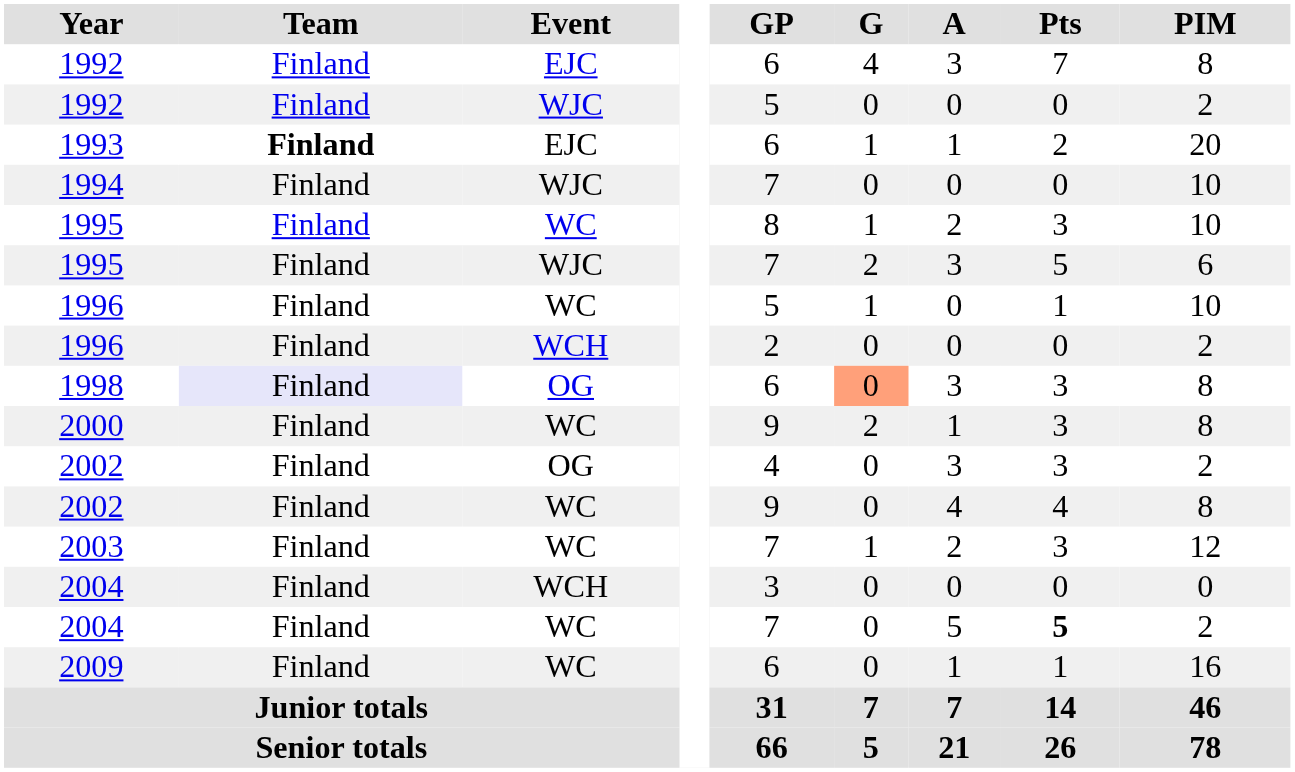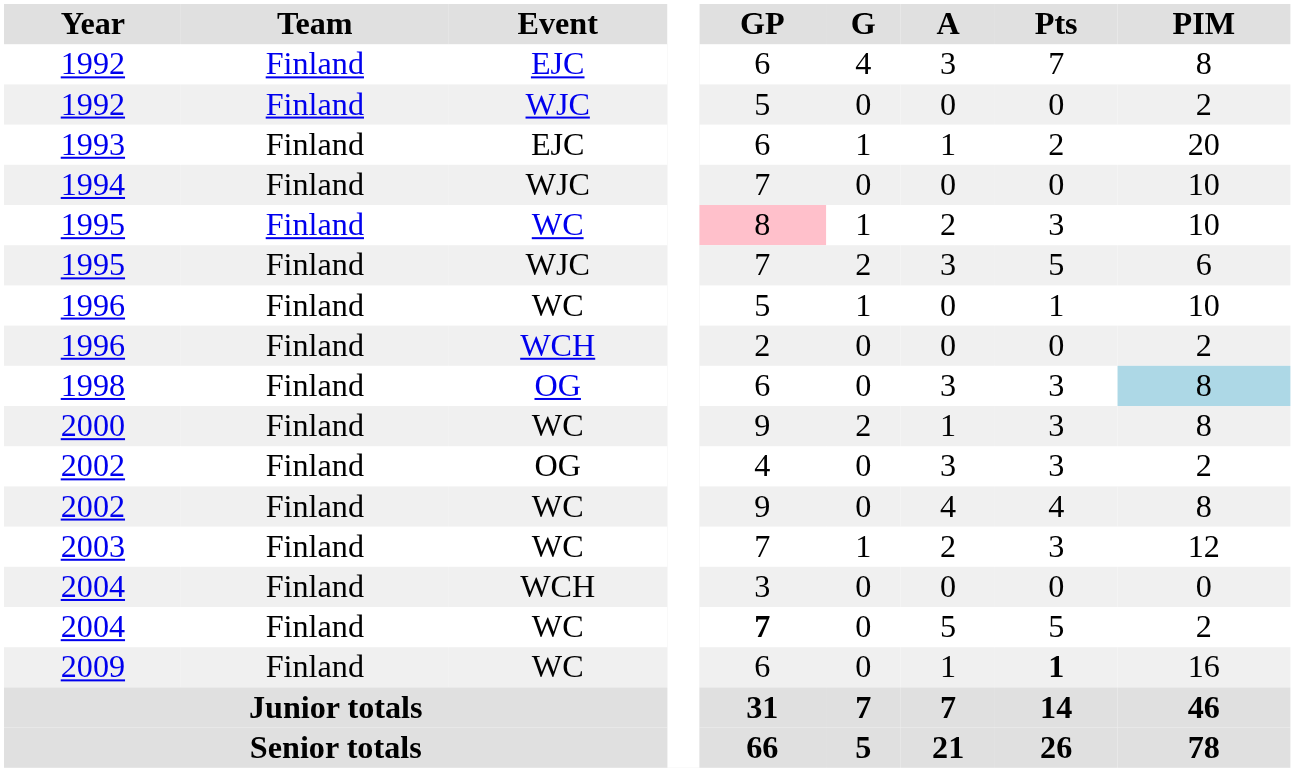 <table border="0" cellpadding="1" cellspacing="0" style="text-align:center; width:40em">
 <tr ALIGN="center" bgcolor="#e0e0e0">
 <th>Year</th>
 <th>Team</th>
 <th>Event</th>
 <th rowspan="99" bgcolor="#ffffff"> </th>
 <th>GP</th>
 <th>G</th>
 <th>A</th>
 <th>Pts</th>
 <th>PIM</th>
 </tr>
 <tr>
 <td><a href='#'>1992</a></td>
 <td><a href='#'>Finland</a></td>
 <td><a href='#'>EJC</a></td>
 <td>6</td>
 <td>4</td>
 <td>3</td>
 <td>7</td>
 <td>8</td>
 </tr>
 <tr bgcolor="#f0f0f0">
 <td><a href='#'>1992</a></td>
 <td><a href='#'>Finland</a></td>
 <td><a href='#'>WJC</a></td>
 <td>5</td>
 <td>0</td>
 <td>0</td>
 <td>0</td>
 <td>2</td>
 </tr>
 <tr>
 <td><a href='#'>1993</a></td>
-<td><strong>Finland</strong></td>
+<td>Finland</td>
 <td>EJC</td>
 <td>6</td>
 <td>1</td>
 <td>1</td>
 <td>2</td>
 <td>20</td>
 </tr>
 <tr bgcolor="#f0f0f0">
 <td><a href='#'>1994</a></td>
 <td>Finland</td>
 <td>WJC</td>
 <td>7</td>
 <td>0</td>
 <td>0</td>
 <td>0</td>
 <td>10</td>
 </tr>
 <tr>
 <td><a href='#'>1995</a></td>
 <td><a href='#'>Finland</a></td>
 <td><a href='#'>WC</a></td>
-<td>8</td>
+<td style="background: pink;">8</td>
 <td>1</td>
 <td>2</td>
 <td>3</td>
 <td>10</td>
 </tr>
 <tr bgcolor="#f0f0f0">
 <td><a href='#'>1995</a></td>
 <td>Finland</td>
 <td>WJC</td>
 <td>7</td>
 <td>2</td>
 <td>3</td>
 <td>5</td>
 <td>6</td>
 </tr>
 <tr>
 <td><a href='#'>1996</a></td>
 <td>Finland</td>
 <td>WC</td>
 <td>5</td>
 <td>1</td>
 <td>0</td>
 <td>1</td>
 <td>10</td>
 </tr>
 <tr bgcolor="#f0f0f0">
 <td><a href='#'>1996</a></td>
 <td>Finland</td>
 <td><a href='#'>WCH</a></td>
 <td>2</td>
 <td>0</td>
 <td>0</td>
 <td>0</td>
 <td>2</td>
 </tr>
 <tr>
 <td><a href='#'>1998</a></td>
-<td style="background: lavender;">Finland</td>
+<td>Finland</td>
 <td><a href='#'>OG</a></td>
 <td>6</td>
-<td style="background: lightsalmon;">0</td>
+<td>0</td>
 <td>3</td>
 <td>3</td>
-<td>8</td>
+<td style="background: lightblue;">8</td>
 </tr>
 <tr bgcolor="#f0f0f0">
 <td><a href='#'>2000</a></td>
 <td>Finland</td>
 <td>WC</td>
 <td>9</td>
 <td>2</td>
 <td>1</td>
 <td>3</td>
 <td>8</td>
 </tr>
 <tr>
 <td><a href='#'>2002</a></td>
 <td>Finland</td>
 <td>OG</td>
 <td>4</td>
 <td>0</td>
 <td>3</td>
 <td>3</td>
 <td>2</td>
 </tr>
 <tr bgcolor="#f0f0f0">
 <td><a href='#'>2002</a></td>
 <td>Finland</td>
 <td>WC</td>
 <td>9</td>
 <td>0</td>
 <td>4</td>
 <td>4</td>
 <td>8</td>
 </tr>
 <tr>
 <td><a href='#'>2003</a></td>
 <td>Finland</td>
 <td>WC</td>
 <td>7</td>
 <td>1</td>
 <td>2</td>
 <td>3</td>
 <td>12</td>
 </tr>
 <tr bgcolor="#f0f0f0">
 <td><a href='#'>2004</a></td>
 <td>Finland</td>
 <td>WCH</td>
 <td>3</td>
 <td>0</td>
 <td>0</td>
 <td>0</td>
 <td>0</td>
 </tr>
 <tr>
 <td><a href='#'>2004</a></td>
 <td>Finland</td>
 <td>WC</td>
-<td>7</td>
+<td><strong>7</strong></td>
 <td>0</td>
 <td>5</td>
-<td><strong>5</strong></td>
+<td>5</td>
 <td>2</td>
 </tr>
 <tr bgcolor="#f0f0f0">
 <td><a href='#'>2009</a></td>
 <td>Finland</td>
 <td>WC</td>
 <td>6</td>
 <td>0</td>
 <td>1</td>
-<td>1</td>
+<td><strong>1</strong></td>
 <td>16</td>
 </tr>
 <tr bgcolor="#e0e0e0">
 <th colspan=3>Junior totals</th>
 <th>31</th>
 <th>7</th>
 <th>7</th>
 <th>14</th>
 <th>46</th>
 </tr>
 <tr bgcolor="#e0e0e0">
 <th colspan=3>Senior totals</th>
 <th>66</th>
 <th>5</th>
 <th>21</th>
 <th>26</th>
 <th>78</th>
 </tr>
 </table>
